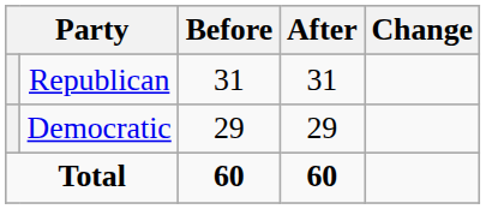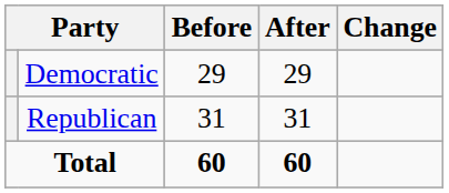 <table class="wikitable" style="text-align:center;">
 <tr>
 <th colspan=2>Party</th>
 <th>Before</th>
 <th>After</th>
 <th>Change</th>
 </tr>
 <tr>
 <th style="background-color:"></th>
-<td><a href='#'>Republican</a></td>
-<td>31</td>
-<td>31</td>
+<td><a href='#'>Democratic</a></td>
+<td>29</td>
+<td>29</td>
 <td></td>
 </tr>
 <tr>
 <th style="background-color:"></th>
-<td><a href='#'>Democratic</a></td>
-<td>29</td>
-<td>29</td>
+<td><a href='#'>Republican</a></td>
+<td>31</td>
+<td>31</td>
 <td></td>
 </tr>
 <tr>
 <td colspan=2><strong>Total</strong></td>
 <td><strong>60</strong></td>
 <td><strong>60</strong></td>
 <td></td>
 </tr>
 </table>
